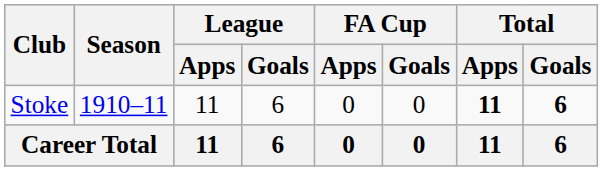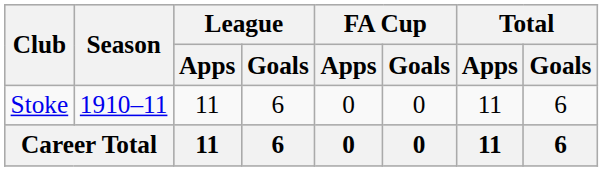 <table class="wikitable" style="text-align: center;">
 <tr>
 <th rowspan="2">Club</th>
 <th rowspan="2">Season</th>
 <th colspan="2">League</th>
 <th colspan="2">FA Cup</th>
 <th colspan="2">Total</th>
 </tr>
 <tr>
 <th>Apps</th>
 <th>Goals</th>
 <th>Apps</th>
 <th>Goals</th>
 <th>Apps</th>
 <th>Goals</th>
 </tr>
 <tr>
 <td><a href='#'>Stoke</a></td>
 <td><a href='#'>1910–11</a></td>
 <td>11</td>
 <td>6</td>
 <td>0</td>
 <td>0</td>
-<td><strong>11</strong></td>
-<td><strong>6</strong></td>
+<td>11</td>
+<td>6</td>
 </tr>
 <tr>
 <th colspan="2">Career Total</th>
 <th>11</th>
 <th>6</th>
 <th>0</th>
 <th>0</th>
 <th>11</th>
 <th>6</th>
 </tr>
 </table>
